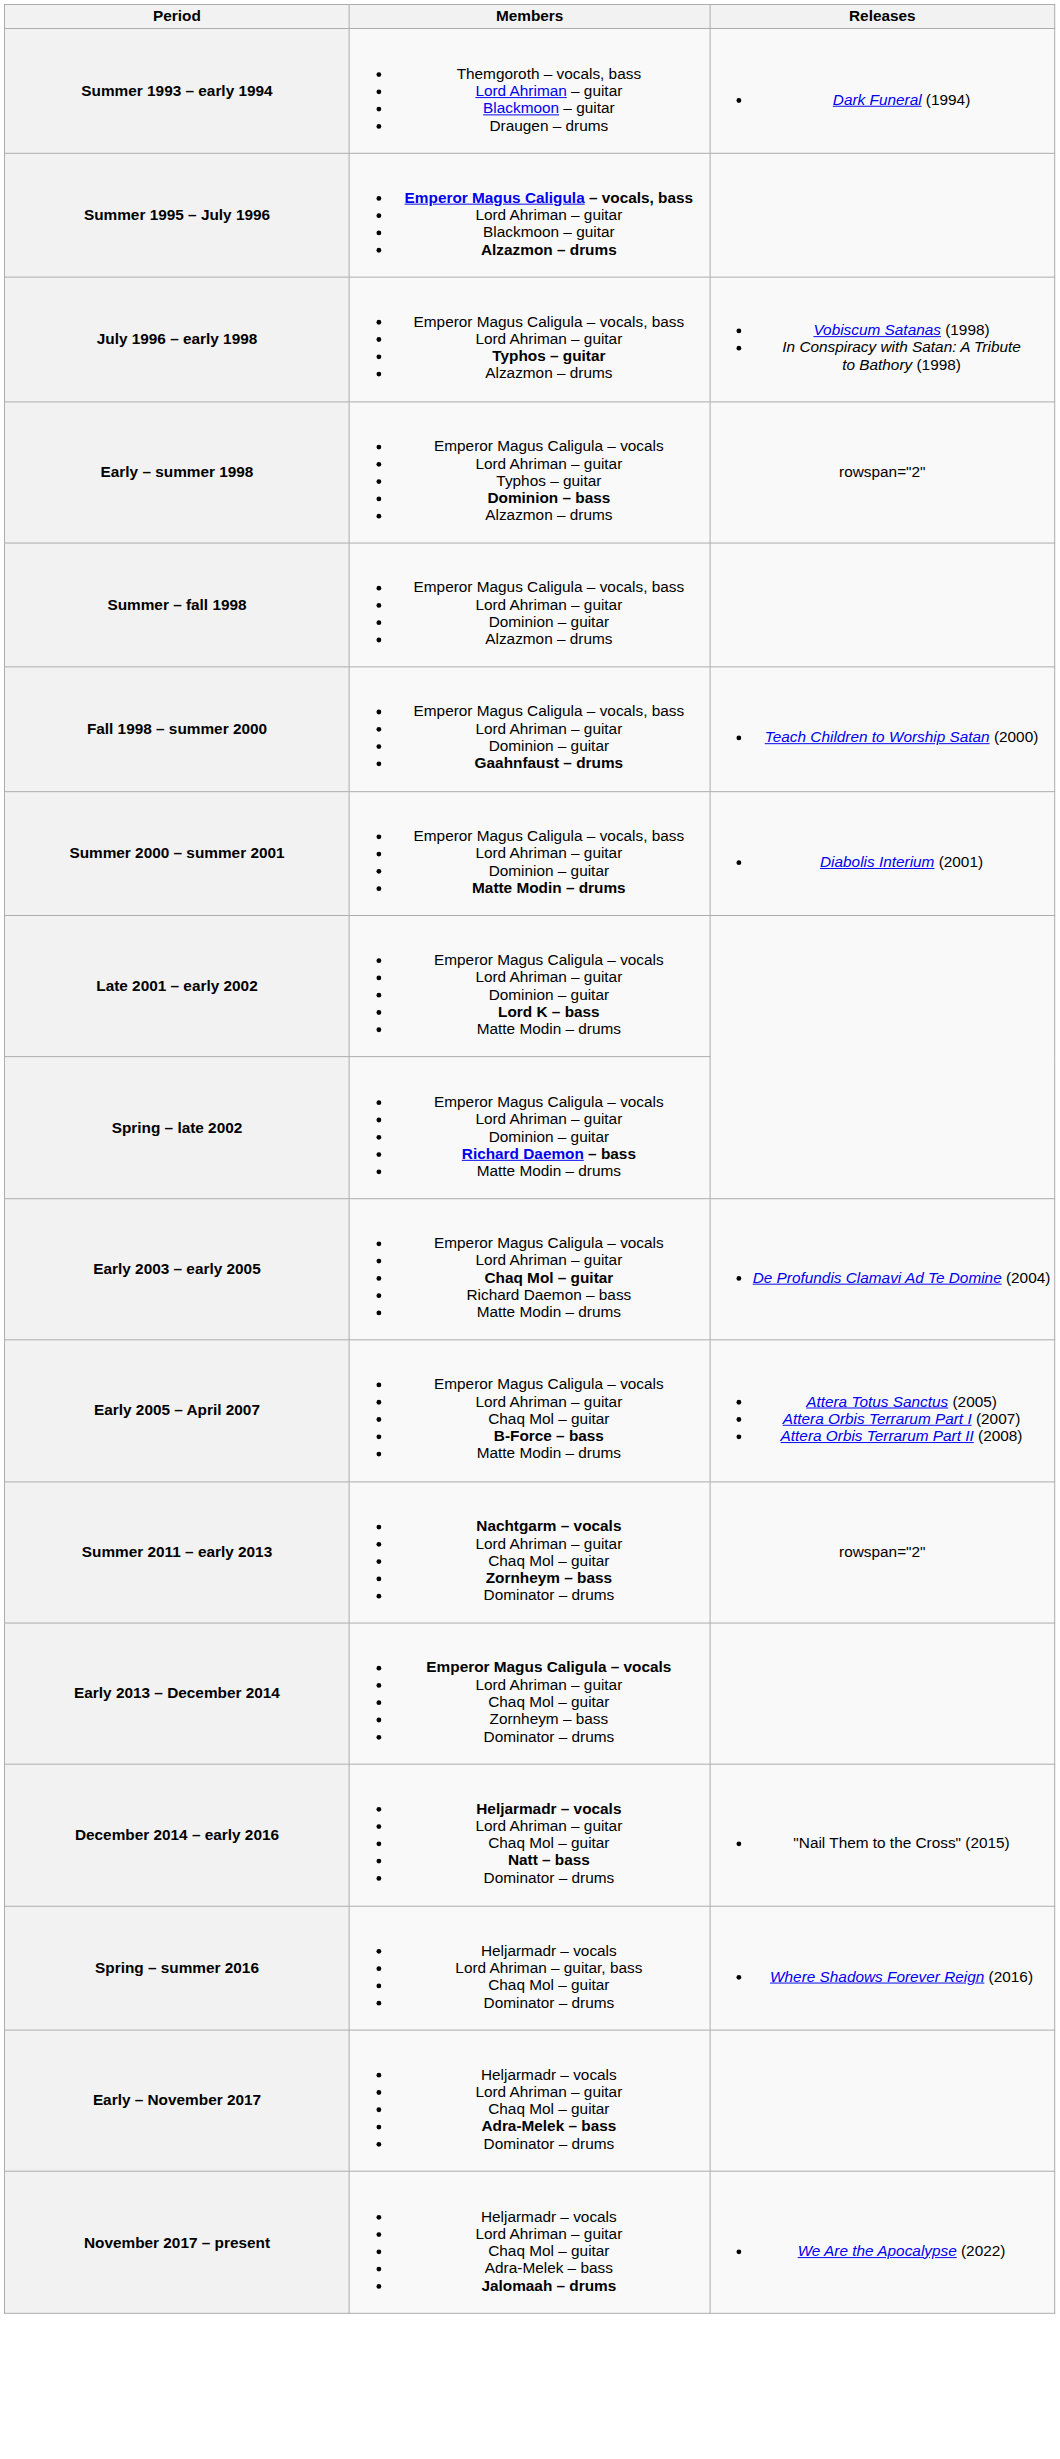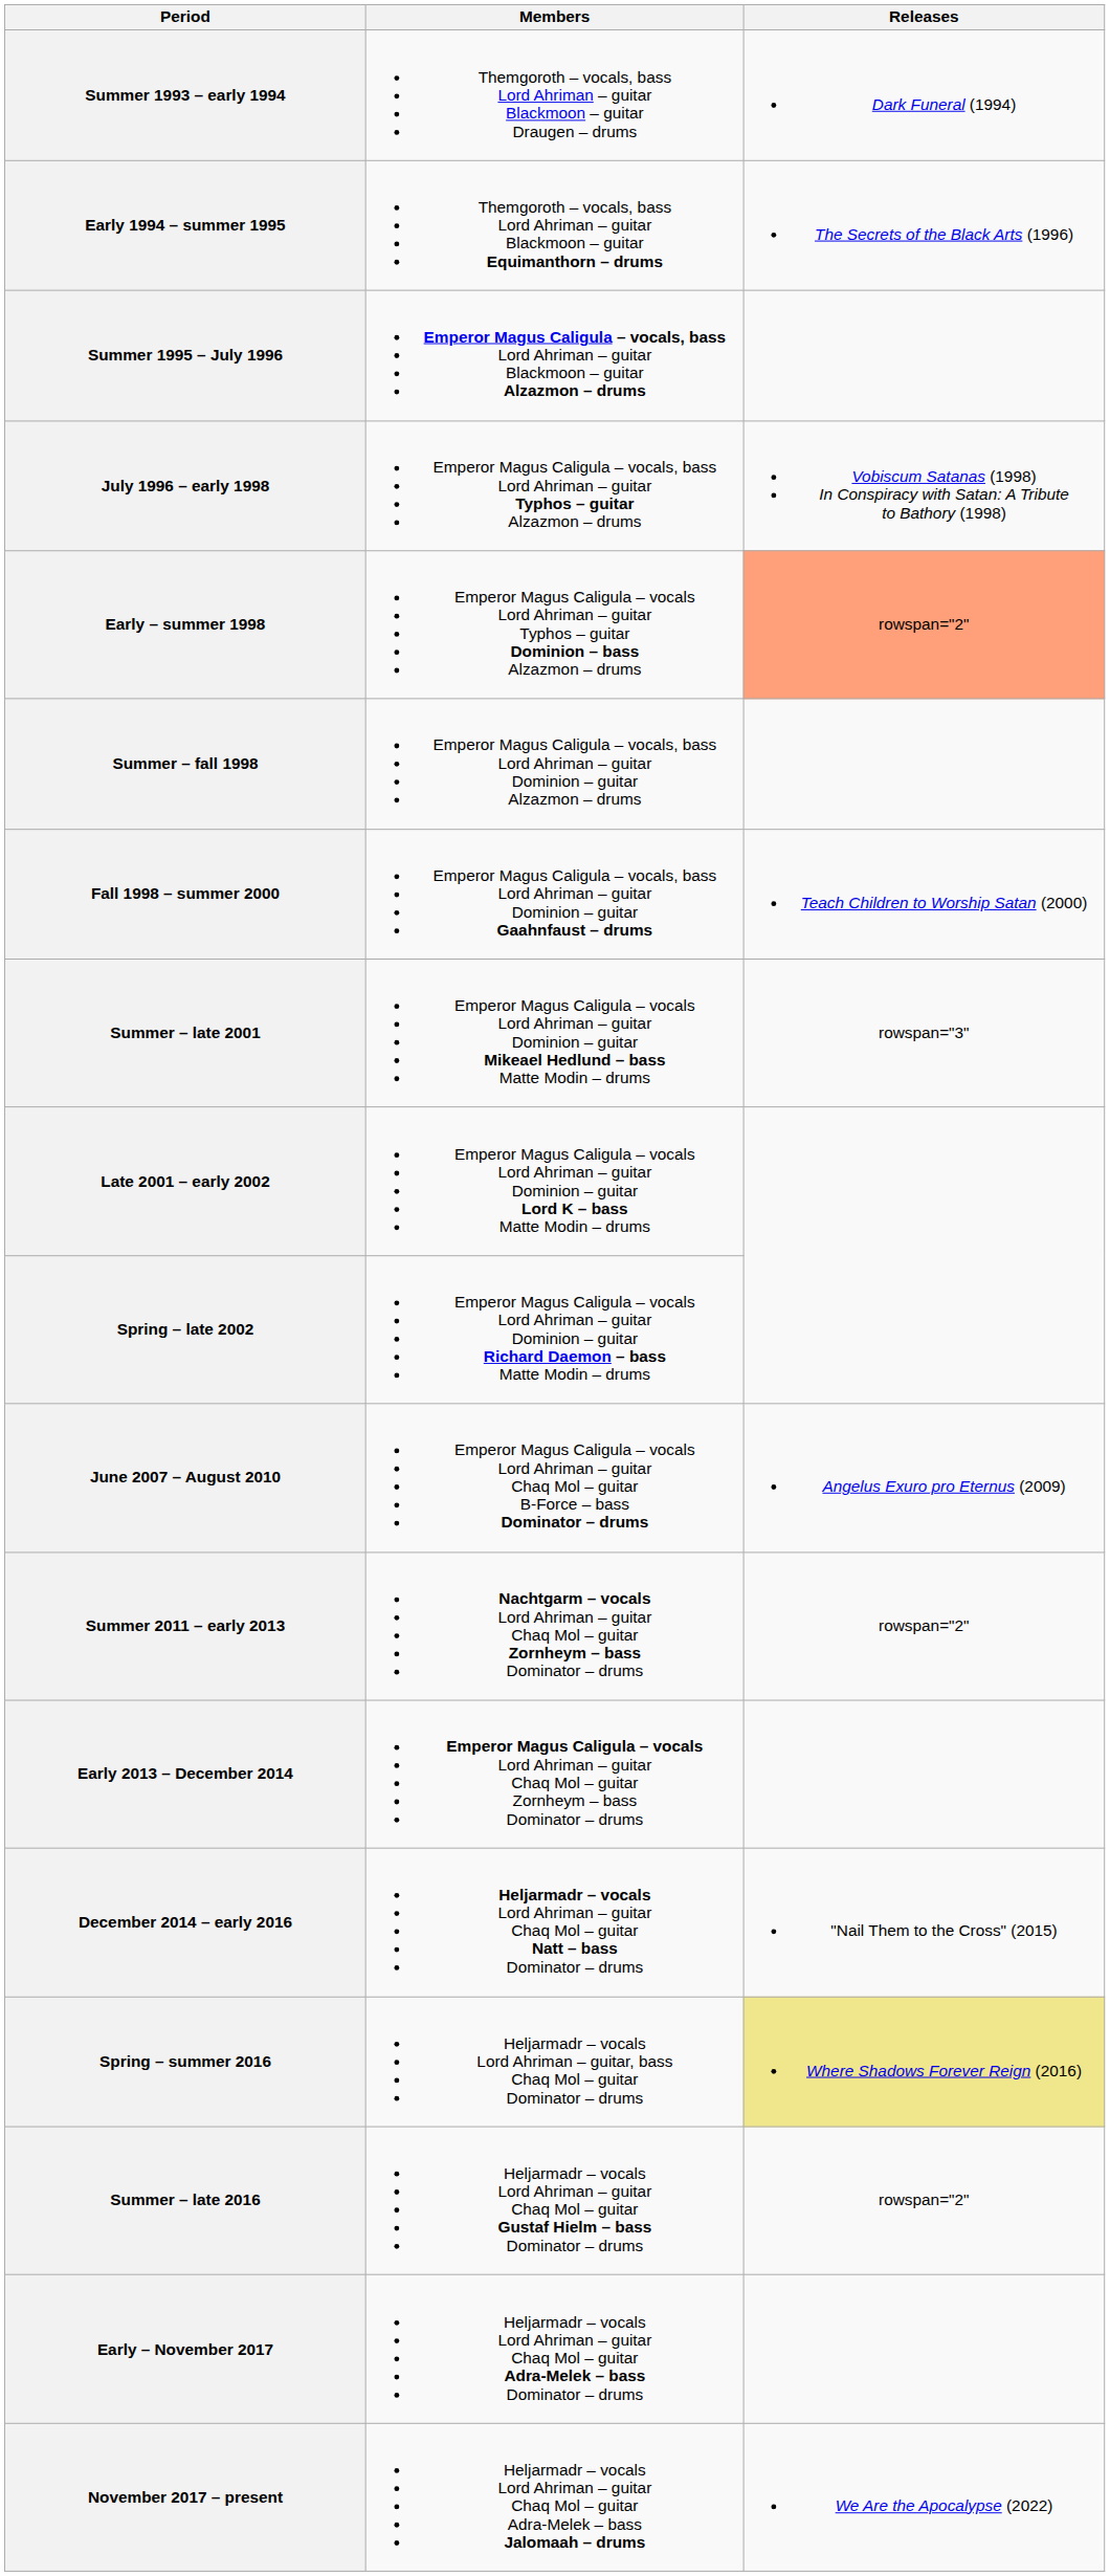 <table class="wikitable plainrowheaders" style="text-align:center;">
 <tr>
 <th scope="col" style="width:22em;">Period</th>
 <th scope="col" style="width:23em;">Members</th>
 <th scope="col" style="width:22em;">Releases</th>
 </tr>
 <tr>
 <th scope="col">Summer 1993 – early 1994</th>
 <td><br><ul><li>Themgoroth – vocals, bass</li><li><a href='#'>Lord Ahriman</a> – guitar</li><li><a href='#'>Blackmoon</a> – guitar</li><li>Draugen – drums</li></ul></td>
 <td><br><ul><li><em><a href='#'>Dark Funeral</a></em> (1994)</li></ul></td>
+</tr>
+<tr>
+<th scope="col">Early 1994 – summer 1995</th>
+<td><br><ul><li>Themgoroth – vocals, bass</li><li>Lord Ahriman – guitar</li><li>Blackmoon – guitar</li><li><strong>Equimanthorn – drums</strong></li></ul></td>
+<td><br><ul><li><em><a href='#'>The Secrets of the Black Arts</a></em> (1996)</li></ul></td>
 </tr>
 <tr>
 <th scope="col">Summer 1995 – July 1996</th>
 <td><br><ul><li><strong><a href='#'>Emperor Magus Caligula</a> – vocals, bass</strong></li><li>Lord Ahriman – guitar</li><li>Blackmoon – guitar</li><li><strong>Alzazmon – drums</strong></li></ul></td>
 <td></td>
 </tr>
 <tr>
 <th scope="col">July 1996 – early 1998</th>
 <td><br><ul><li>Emperor Magus Caligula – vocals, bass</li><li>Lord Ahriman – guitar</li><li><strong>Typhos – guitar</strong></li><li>Alzazmon – drums</li></ul></td>
 <td><br><ul><li><em><a href='#'>Vobiscum Satanas</a></em> (1998)</li><li><em>In Conspiracy with Satan: A Tribute<br>to Bathory</em> (1998) </li></ul></td>
 </tr>
 <tr>
 <th scope="col">Early – summer 1998</th>
 <td><br><ul><li>Emperor Magus Caligula – vocals</li><li>Lord Ahriman – guitar</li><li>Typhos – guitar</li><li><strong>Dominion – bass</strong> </li><li>Alzazmon – drums</li></ul></td>
-<td>rowspan="2" </td>
+<td style="background: lightsalmon;">rowspan="2" </td>
 </tr>
 <tr>
 <th scope="col">Summer – fall 1998</th>
 <td><br><ul><li>Emperor Magus Caligula – vocals, bass</li><li>Lord Ahriman – guitar</li><li>Dominion – guitar</li><li>Alzazmon – drums</li></ul></td>
 </tr>
 <tr>
 <th scope="col">Fall 1998 – summer 2000</th>
 <td><br><ul><li>Emperor Magus Caligula – vocals, bass</li><li>Lord Ahriman – guitar</li><li>Dominion – guitar</li><li><strong>Gaahnfaust – drums</strong></li></ul></td>
 <td><br><ul><li><em><a href='#'>Teach Children to Worship Satan</a></em> (2000)</li></ul></td>
 </tr>
 <tr>
-<th scope="col">Summer 2000 – summer 2001</th>
-<td><br><ul><li>Emperor Magus Caligula – vocals, bass</li><li>Lord Ahriman – guitar</li><li>Dominion – guitar</li><li><strong>Matte Modin – drums</strong></li></ul></td>
-<td><br><ul><li><em><a href='#'>Diabolis Interium</a></em> (2001)</li></ul></td>
+<th scope="col">Summer – late 2001</th>
+<td><br><ul><li>Emperor Magus Caligula – vocals</li><li>Lord Ahriman – guitar</li><li>Dominion – guitar</li><li><strong>Mikeael Hedlund – bass</strong> </li><li>Matte Modin – drums</li></ul></td>
+<td>rowspan="3" </td>
 </tr>
 <tr>
 <th scope="col">Late 2001 – early 2002</th>
 <td><br><ul><li>Emperor Magus Caligula – vocals</li><li>Lord Ahriman – guitar</li><li>Dominion – guitar</li><li><strong>Lord K – bass</strong> </li><li>Matte Modin – drums</li></ul></td>
 </tr>
 <tr>
 <th scope="col">Spring – late 2002</th>
 <td><br><ul><li>Emperor Magus Caligula – vocals</li><li>Lord Ahriman – guitar</li><li>Dominion – guitar</li><li><strong><a href='#'>Richard Daemon</a> – bass</strong> </li><li>Matte Modin – drums</li></ul></td>
 </tr>
 <tr>
-<th scope="col">Early 2003 – early 2005</th>
-<td><br><ul><li>Emperor Magus Caligula – vocals</li><li>Lord Ahriman – guitar</li><li><strong>Chaq Mol – guitar</strong></li><li>Richard Daemon – bass </li><li>Matte Modin – drums</li></ul></td>
-<td><br><ul><li><em><a href='#'>De Profundis Clamavi Ad Te Domine</a></em> (2004)</li></ul></td>
-</tr>
-<tr>
-<th scope="col">Early 2005 – April 2007</th>
-<td><br><ul><li>Emperor Magus Caligula – vocals</li><li>Lord Ahriman – guitar</li><li>Chaq Mol – guitar</li><li><strong>B-Force – bass</strong> </li><li>Matte Modin – drums</li></ul></td>
-<td><br><ul><li><em><a href='#'>Attera Totus Sanctus</a></em> (2005)</li><li><em><a href='#'>Attera Orbis Terrarum Part I</a></em> (2007)</li><li><em><a href='#'>Attera Orbis Terrarum Part II</a></em> (2008)</li></ul></td>
+<th scope="col">June 2007 – August 2010</th>
+<td><br><ul><li>Emperor Magus Caligula – vocals</li><li>Lord Ahriman – guitar</li><li>Chaq Mol – guitar</li><li>B-Force – bass</li><li><strong>Dominator – drums</strong></li></ul></td>
+<td><br><ul><li><em><a href='#'>Angelus Exuro pro Eternus</a></em> (2009)</li></ul></td>
 </tr>
 <tr>
 <th scope="col">Summer 2011 – early 2013</th>
 <td><br><ul><li><strong>Nachtgarm – vocals</strong></li><li>Lord Ahriman – guitar</li><li>Chaq Mol – guitar</li><li><strong>Zornheym – bass</strong></li><li>Dominator – drums</li></ul></td>
 <td>rowspan="2" </td>
 </tr>
 <tr>
 <th scope="col">Early 2013 – December 2014</th>
 <td><br><ul><li><strong>Emperor Magus Caligula – vocals</strong></li><li>Lord Ahriman – guitar</li><li>Chaq Mol – guitar</li><li>Zornheym – bass</li><li>Dominator – drums</li></ul></td>
 </tr>
 <tr>
 <th scope="col">December 2014 – early 2016</th>
 <td><br><ul><li><strong>Heljarmadr – vocals</strong></li><li>Lord Ahriman – guitar</li><li>Chaq Mol – guitar</li><li><strong>Natt – bass</strong></li><li>Dominator – drums</li></ul></td>
 <td><br><ul><li>"Nail Them to the Cross" (2015)</li></ul></td>
 </tr>
 <tr>
 <th scope="col">Spring – summer 2016</th>
 <td><br><ul><li>Heljarmadr – vocals</li><li>Lord Ahriman – guitar, bass</li><li>Chaq Mol – guitar</li><li>Dominator – drums</li></ul></td>
-<td><br><ul><li><em><a href='#'>Where Shadows Forever Reign</a></em> (2016)</li></ul></td>
+<td style="background: khaki;"><br><ul><li><em><a href='#'>Where Shadows Forever Reign</a></em> (2016)</li></ul></td>
+</tr>
+<tr>
+<th scope="col">Summer – late 2016</th>
+<td><br><ul><li>Heljarmadr – vocals</li><li>Lord Ahriman – guitar</li><li>Chaq Mol – guitar</li><li><strong>Gustaf Hielm – bass</strong> </li><li>Dominator – drums</li></ul></td>
+<td>rowspan="2" </td>
 </tr>
 <tr>
 <th scope="col">Early – November 2017</th>
 <td><br><ul><li>Heljarmadr – vocals</li><li>Lord Ahriman – guitar</li><li>Chaq Mol – guitar</li><li><strong>Adra-Melek – bass</strong> </li><li>Dominator – drums</li></ul></td>
 </tr>
 <tr>
 <th scope="col">November 2017 – present</th>
 <td><br><ul><li>Heljarmadr – vocals</li><li>Lord Ahriman – guitar</li><li>Chaq Mol – guitar</li><li>Adra-Melek – bass</li><li><strong>Jalomaah – drums</strong></li></ul></td>
 <td><br><ul><li><em><a href='#'>We Are the Apocalypse</a></em> (2022)</li></ul></td>
 </tr>
 </table>
